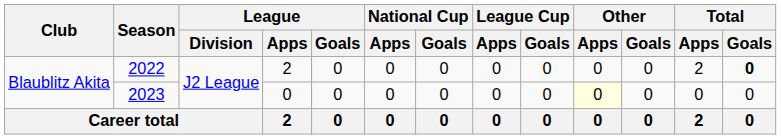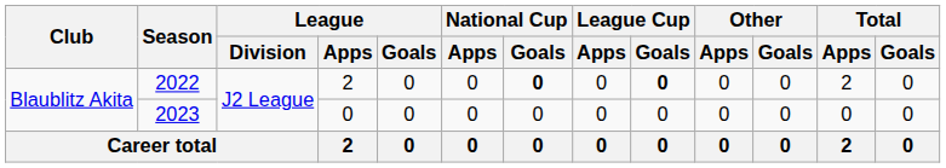 <table class="wikitable" style="text-align: center">
 <tr>
 <th rowspan="2">Club</th>
 <th rowspan="2">Season</th>
 <th colspan="3">League</th>
 <th colspan="2">National Cup</th>
 <th colspan="2">League Cup</th>
 <th colspan="2">Other</th>
 <th colspan="2">Total</th>
 </tr>
 <tr>
 <th>Division</th>
 <th>Apps</th>
 <th>Goals</th>
 <th>Apps</th>
 <th>Goals</th>
 <th>Apps</th>
 <th>Goals</th>
 <th>Apps</th>
 <th>Goals</th>
 <th>Apps</th>
 <th>Goals</th>
 </tr>
 <tr>
 <td rowspan="2"><a href='#'>Blaublitz Akita</a></td>
 <td><a href='#'>2022</a></td>
 <td rowspan="2"><a href='#'>J2 League</a></td>
 <td>2</td>
 <td>0</td>
 <td>0</td>
+<td><strong>0</strong></td>
 <td>0</td>
-<td>0</td>
-<td>0</td>
+<td><strong>0</strong></td>
 <td>0</td>
 <td>0</td>
 <td>2</td>
-<td><strong>0</strong></td>
+<td>0</td>
 </tr>
 <tr>
 <td><a href='#'>2023</a></td>
 <td>0</td>
 <td>0</td>
 <td>0</td>
 <td>0</td>
 <td>0</td>
 <td>0</td>
-<td style="background: lightyellow;">0</td>
+<td>0</td>
 <td>0</td>
 <td>0</td>
 <td>0</td>
 </tr>
 <tr>
 <th colspan=3>Career total</th>
 <th>2</th>
 <th>0</th>
 <th>0</th>
 <th>0</th>
 <th>0</th>
 <th>0</th>
 <th>0</th>
 <th>0</th>
 <th>2</th>
 <th>0</th>
 </tr>
 </table>
